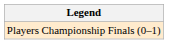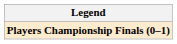 <table class="wikitable">
 <tr>
 <th>Legend</th>
 </tr>
 <tr style="background:#ffebcd;">
-<td>Players Championship Finals (0–1)</td>
+<td><strong>Players Championship Finals (0–1)</strong></td>
 </tr>
 </table>
